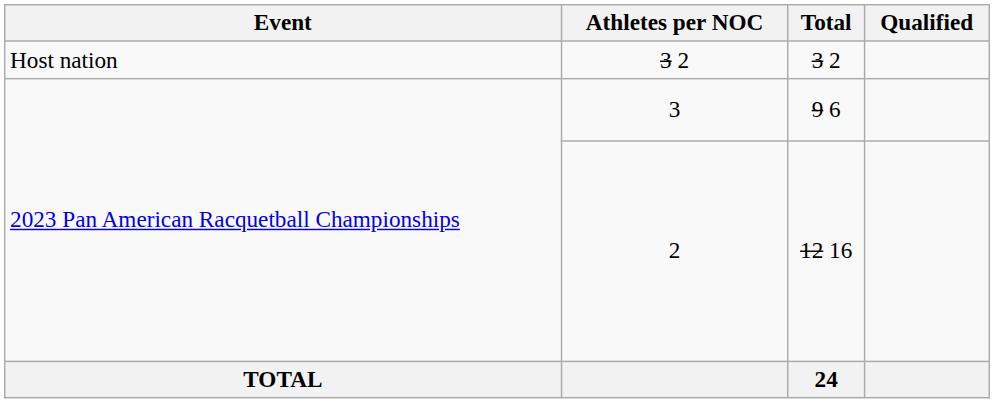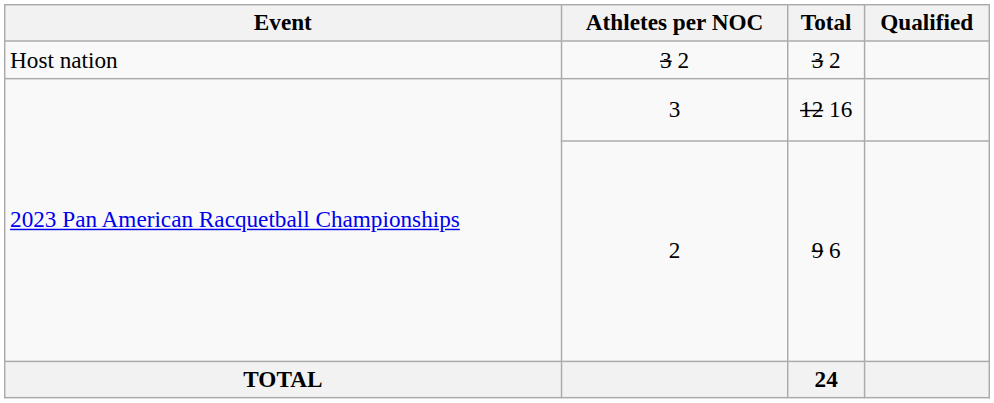 <table class="wikitable" width=680>
 <tr>
 <th>Event</th>
 <th>Athletes per NOC</th>
 <th>Total</th>
 <th>Qualified</th>
 </tr>
 <tr>
 <td>Host nation</td>
 <td align=center><s>3</s> 2</td>
 <td align=center><s>3</s> 2</td>
 <td></td>
 </tr>
 <tr>
 <td rowspan="2"><a href='#'>2023 Pan American Racquetball Championships</a></td>
 <td align=center>3</td>
-<td align=center><s>9</s> 6</td>
+<td align=center><s>12</s> 16</td>
 <td><br><s></s><br></td>
 </tr>
 <tr>
 <td align=center>2</td>
-<td align=center><s>12</s> 16</td>
+<td align=center><s>9</s> 6</td>
 <td><br><br><br><s></s><br><br><br><br><br></td>
 </tr>
 <tr>
 <th>TOTAL</th>
 <th></th>
 <th>24</th>
 <th></th>
 </tr>
 </table>
